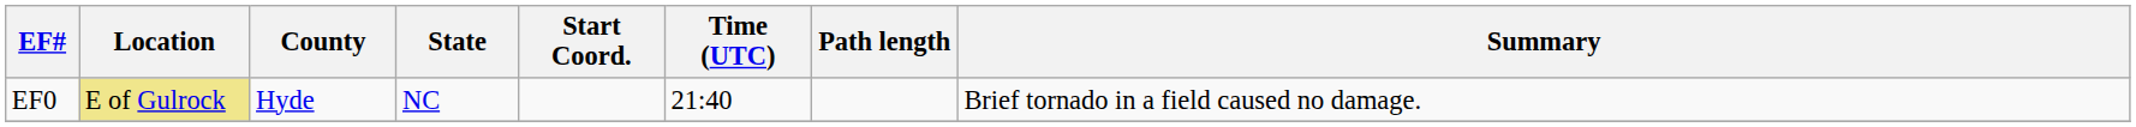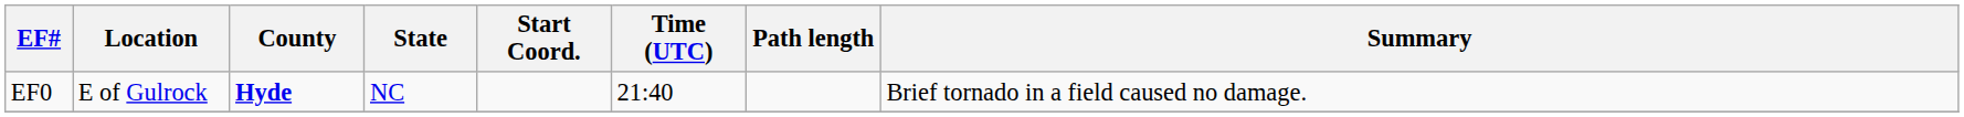 <table class="wikitable sortable" style="width:100%;">
 <tr>
 <th scope="col"  style="width:3%; text-align:center;"><a href='#'>EF#</a></th>
 <th scope="col"  style="width:7%; text-align:center;" class="unsortable">Location</th>
 <th scope="col"  style="width:6%; text-align:center;" class="unsortable">County</th>
 <th scope="col"  style="width:5%; text-align:center;">State</th>
 <th scope="col"  style="width:6%; text-align:center;">Start Coord.</th>
 <th scope="col"  style="width:6%; text-align:center;">Time (<a href='#'>UTC</a>)</th>
 <th scope="col"  style="width:6%; text-align:center;">Path length</th>
 <th scope="col" class="unsortable" style="width:48%; text-align:center;">Summary</th>
 </tr>
 <tr>
 <td>EF0</td>
-<td style="background: khaki;">E of <a href='#'>Gulrock</a></td>
-<td><a href='#'>Hyde</a></td>
+<td>E of <a href='#'>Gulrock</a></td>
+<td><strong><a href='#'>Hyde</a></strong></td>
 <td><a href='#'>NC</a></td>
 <td></td>
 <td>21:40</td>
 <td></td>
 <td>Brief tornado in a field caused no damage.</td>
 </tr>
 <tr>
 </tr>
 </table>
